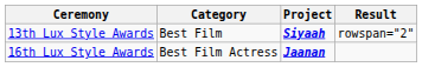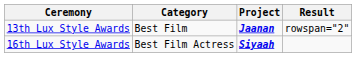 <table class="wikitable style">
 <tr>
 <th>Ceremony</th>
 <th>Category</th>
 <th>Project</th>
 <th>Result</th>
 </tr>
 <tr>
 <td><a href='#'>13th Lux Style Awards</a></td>
 <td>Best Film</td>
-<td><strong><em><a href='#'>Siyaah</a></em></strong></td>
+<td><strong><em><a href='#'>Jaanan</a></em></strong></td>
 <td>rowspan="2" </td>
 </tr>
 <tr>
 <td><a href='#'>16th Lux Style Awards</a></td>
 <td>Best Film Actress</td>
-<td><strong><em><a href='#'>Jaanan</a></em></strong></td>
+<td><strong><em><a href='#'>Siyaah</a></em></strong></td>
 </tr>
 </table>
